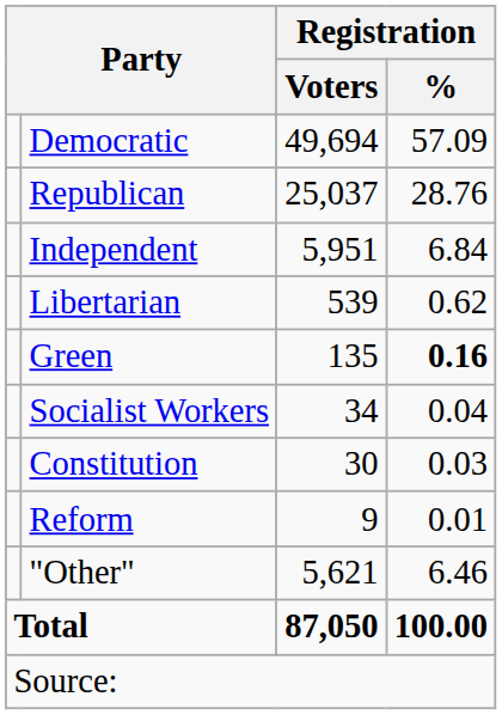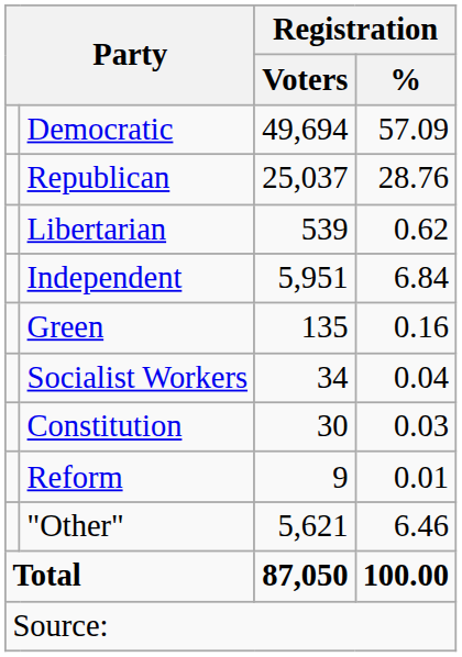 <table class="wikitable">
 <tr>
 <th colspan="2" rowspan="2">Party</th>
 <th colspan="2">Registration</th>
 </tr>
 <tr>
 <th>Voters</th>
 <th>%</th>
 </tr>
 <tr>
 <td style="background-color:"></td>
 <td><a href='#'>Democratic</a></td>
 <td style="text-align:right;">49,694</td>
 <td style="text-align:right;">57.09</td>
 </tr>
 <tr>
 <td style="background-color:"></td>
 <td><a href='#'>Republican</a></td>
 <td style="text-align:right;">25,037</td>
 <td style="text-align:right;">28.76</td>
 </tr>
 <tr>
 <td style="background-color:"></td>
+<td><a href='#'>Libertarian</a></td>
+<td style="text-align:right;">539</td>
+<td style="text-align:right;">0.62</td>
+</tr>
+<tr>
+<td style="background-color:"></td>
 <td><a href='#'>Independent</a></td>
 <td style="text-align:right;">5,951</td>
 <td style="text-align:right;">6.84</td>
 </tr>
 <tr>
 <td style="background-color:"></td>
-<td><a href='#'>Libertarian</a></td>
-<td style="text-align:right;">539</td>
-<td style="text-align:right;">0.62</td>
-</tr>
-<tr>
-<td style="background-color:"></td>
 <td><a href='#'>Green</a></td>
 <td style="text-align:right;">135</td>
-<td style="text-align:right;"><strong>0.16</strong></td>
+<td style="text-align:right;">0.16</td>
 </tr>
 <tr>
 <td style="background-color:"></td>
 <td><a href='#'>Socialist Workers</a></td>
 <td style="text-align:right;">34</td>
 <td style="text-align:right;">0.04</td>
 </tr>
 <tr>
 <td style="background-color:"></td>
 <td><a href='#'>Constitution</a></td>
 <td style="text-align:right;">30</td>
 <td style="text-align:right;">0.03</td>
 </tr>
 <tr>
 <td style="background-color:"></td>
 <td><a href='#'>Reform</a></td>
 <td style="text-align:right;">9</td>
 <td style="text-align:right;">0.01</td>
 </tr>
 <tr>
 <td></td>
 <td>"Other"</td>
 <td style="text-align:right;">5,621</td>
 <td style="text-align:right;">6.46</td>
 </tr>
 <tr>
 <td colspan="2"><strong>Total</strong></td>
 <td style="text-align:right;"><strong>87,050</strong></td>
 <td style="text-align:right;"><strong>100.00</strong></td>
 </tr>
 <tr>
 <td colspan="4">Source: <em></em></td>
 </tr>
 </table>
